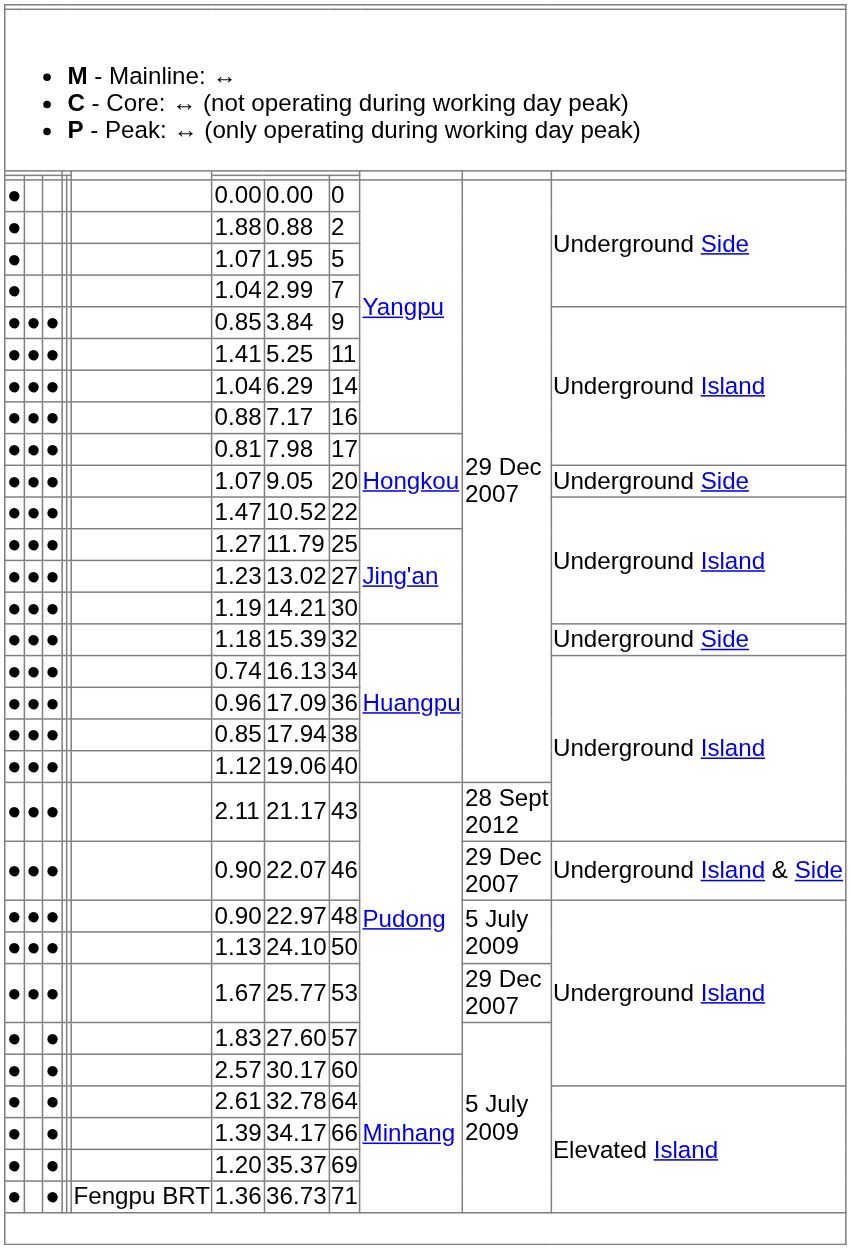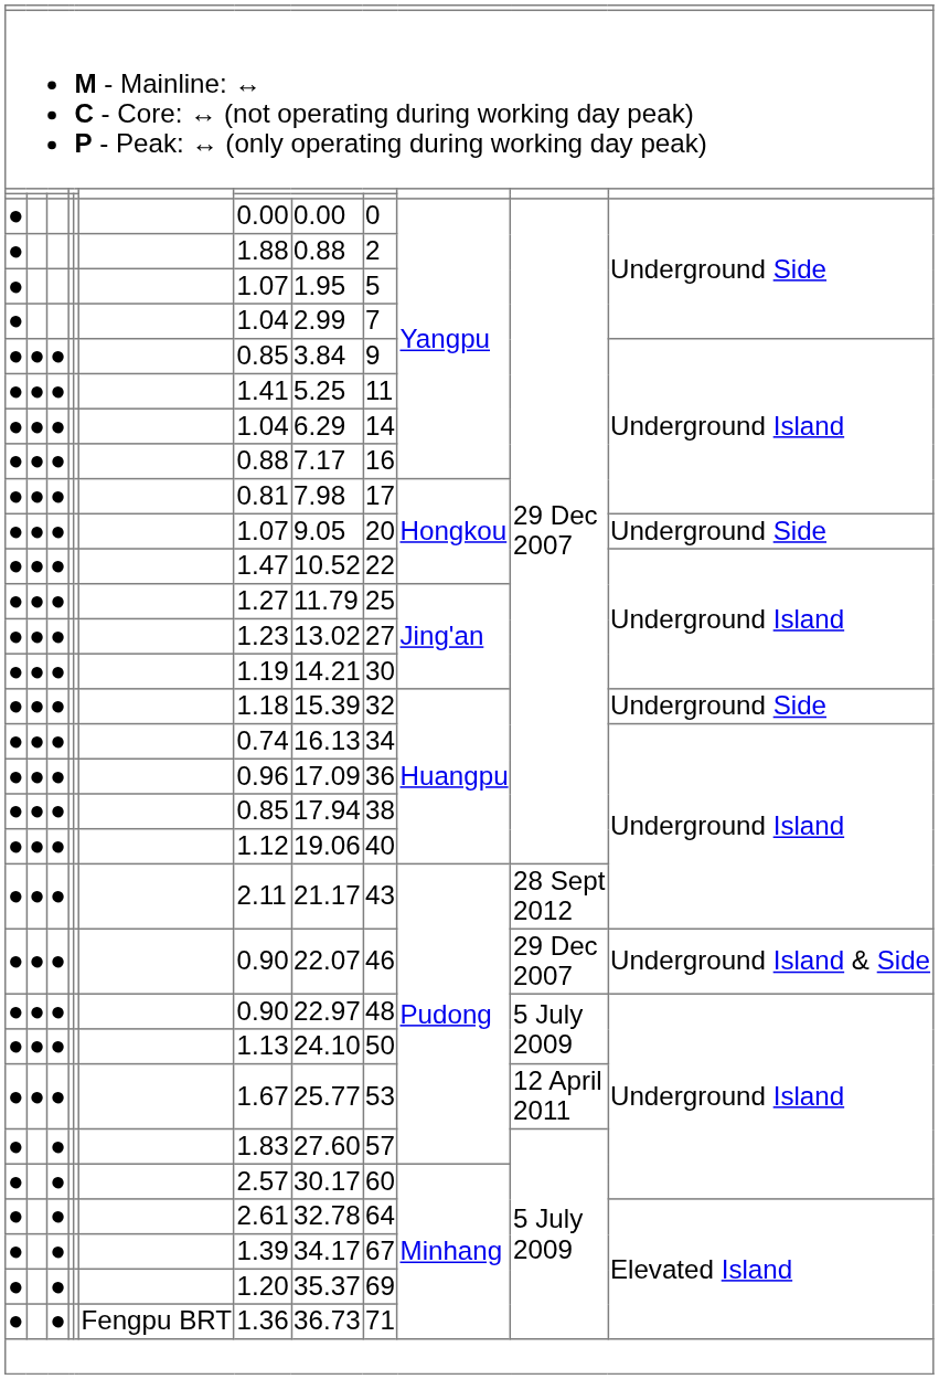 <table border=1 style="border-collapse: collapse;" class="mw-collapsible">
 <tr>
 <th colspan="12" style="text-align: center"></th>
 </tr>
 <tr>
 <td colspan="12" style="text-align: left"><br><ul><li><strong>M</strong> - Mainline:  ↔ </li><li><strong>C</strong> - Core:  ↔  (not operating during working day peak)</li><li><strong>P</strong> - Peak:  ↔  (only operating during working day peak)</li></ul></td>
 </tr>
 <tr>
 <th rowspan="1" colspan="3"></th>
 <th colspan="2"></th>
 <th rowspan="2"></th>
 <th colspan="3" rowspan="1"></th>
 <th rowspan="2"></th>
 <th rowspan="2"></th>
 <th rowspan="2"></th>
 </tr>
 <tr>
 <th rowspan="1"></th>
 <th rowspan="1"></th>
 <th rowspan="1"></th>
 <th></th>
 <th></th>
 <th colspan="2"></th>
 <th></th>
 </tr>
 <tr>
 <td align="center">●</td>
 <td align="center"></td>
 <td align="center"></td>
 <td></td>
 <td></td>
 <td></td>
 <td>0.00</td>
 <td>0.00</td>
 <td>0</td>
 <td rowspan=8><a href='#'>Yangpu</a></td>
 <td rowspan=19>29 Dec<br> 2007</td>
 <td rowspan=4>Underground <a href='#'>Side</a></td>
 </tr>
 <tr>
 <td align="center">●</td>
 <td align="center"></td>
 <td align="center"></td>
 <td></td>
 <td></td>
 <td></td>
 <td>1.88</td>
 <td>0.88</td>
 <td>2</td>
 </tr>
 <tr>
 <td align="center">●</td>
 <td align="center"></td>
 <td align="center"></td>
 <td></td>
 <td></td>
 <td></td>
 <td>1.07</td>
 <td>1.95</td>
 <td>5</td>
 </tr>
 <tr>
 <td align="center">●</td>
 <td align="center"></td>
 <td align="center"></td>
 <td></td>
 <td></td>
 <td></td>
 <td>1.04</td>
 <td>2.99</td>
 <td>7</td>
 </tr>
 <tr>
 <td align="center">●</td>
 <td align="center">●</td>
 <td align="center">●</td>
 <td></td>
 <td></td>
 <td></td>
 <td>0.85</td>
 <td>3.84</td>
 <td>9</td>
 <td rowspan=5>Underground <a href='#'>Island</a></td>
 </tr>
 <tr>
 <td align="center">●</td>
 <td align="center">●</td>
 <td align="center">●</td>
 <td></td>
 <td></td>
 <td></td>
 <td>1.41</td>
 <td>5.25</td>
 <td>11</td>
 </tr>
 <tr>
 <td align="center">●</td>
 <td align="center">●</td>
 <td align="center">●</td>
 <td></td>
 <td></td>
 <td></td>
 <td>1.04</td>
 <td>6.29</td>
 <td>14</td>
 </tr>
 <tr>
 <td align="center">●</td>
 <td align="center">●</td>
 <td align="center">●</td>
 <td></td>
 <td></td>
 <td></td>
 <td>0.88</td>
 <td>7.17</td>
 <td>16</td>
 </tr>
 <tr>
 <td align="center">●</td>
 <td align="center">●</td>
 <td align="center">●</td>
 <td></td>
 <td></td>
 <td></td>
 <td>0.81</td>
 <td>7.98</td>
 <td>17</td>
 <td rowspan=3><a href='#'>Hongkou</a></td>
 </tr>
 <tr>
 <td align="center">●</td>
 <td align="center">●</td>
 <td align="center">●</td>
 <td></td>
 <td></td>
 <td></td>
 <td>1.07</td>
 <td>9.05</td>
 <td>20</td>
 <td>Underground <a href='#'>Side</a></td>
 </tr>
 <tr>
 <td align="center">●</td>
 <td align="center">●</td>
 <td align="center">●</td>
 <td></td>
 <td></td>
 <td></td>
 <td>1.47</td>
 <td>10.52</td>
 <td>22</td>
 <td rowspan=4>Underground <a href='#'>Island</a></td>
 </tr>
 <tr>
 <td align="center">●</td>
 <td align="center">●</td>
 <td align="center">●</td>
 <td></td>
 <td></td>
 <td></td>
 <td>1.27</td>
 <td>11.79</td>
 <td>25</td>
 <td rowspan=3><a href='#'>Jing'an</a></td>
 </tr>
 <tr>
 <td align="center">●</td>
 <td align="center">●</td>
 <td align="center">●</td>
 <td></td>
 <td></td>
 <td></td>
 <td>1.23</td>
 <td>13.02</td>
 <td>27</td>
 </tr>
 <tr>
 <td align="center">●</td>
 <td align="center">●</td>
 <td align="center">●</td>
 <td></td>
 <td></td>
 <td></td>
 <td>1.19</td>
 <td>14.21</td>
 <td>30</td>
 </tr>
 <tr>
 <td align="center">●</td>
 <td align="center">●</td>
 <td align="center">●</td>
 <td></td>
 <td></td>
 <td> </td>
 <td>1.18</td>
 <td>15.39</td>
 <td>32</td>
 <td rowspan=5><a href='#'>Huangpu</a></td>
 <td>Underground <a href='#'>Side</a></td>
 </tr>
 <tr>
 <td align="center">●</td>
 <td align="center">●</td>
 <td align="center">●</td>
 <td></td>
 <td></td>
 <td></td>
 <td>0.74</td>
 <td>16.13</td>
 <td>34</td>
 <td rowspan=5>Underground <a href='#'>Island</a></td>
 </tr>
 <tr>
 <td align="center">●</td>
 <td align="center">●</td>
 <td align="center">●</td>
 <td></td>
 <td></td>
 <td></td>
 <td>0.96</td>
 <td>17.09</td>
 <td>36</td>
 </tr>
 <tr>
 <td align="center">●</td>
 <td align="center">●</td>
 <td align="center">●</td>
 <td></td>
 <td></td>
 <td></td>
 <td>0.85</td>
 <td>17.94</td>
 <td>38</td>
 </tr>
 <tr>
 <td align="center">●</td>
 <td align="center">●</td>
 <td align="center">●</td>
 <td></td>
 <td></td>
 <td></td>
 <td>1.12</td>
 <td>19.06</td>
 <td>40</td>
 </tr>
 <tr>
 <td align="center">●</td>
 <td align="center">●</td>
 <td align="center">●</td>
 <td></td>
 <td></td>
 <td></td>
 <td>2.11</td>
 <td>21.17</td>
 <td>43</td>
 <td rowspan=6><a href='#'>Pudong</a></td>
 <td>28 Sept<br> 2012</td>
 </tr>
 <tr>
 <td align="center">●</td>
 <td align="center">●</td>
 <td align="center">●</td>
 <td></td>
 <td></td>
 <td></td>
 <td>0.90</td>
 <td>22.07</td>
 <td>46</td>
 <td>29 Dec<br> 2007</td>
 <td>Underground <a href='#'>Island</a> & <a href='#'>Side</a></td>
 </tr>
 <tr>
 <td align="center">●</td>
 <td align="center">●</td>
 <td align="center">●</td>
 <td></td>
 <td></td>
 <td></td>
 <td>0.90</td>
 <td>22.97</td>
 <td>48</td>
 <td rowspan=2>5 July<br> 2009</td>
 <td rowspan=5>Underground <a href='#'>Island</a></td>
 </tr>
 <tr>
 <td align="center">●</td>
 <td align="center">●</td>
 <td align="center">●</td>
 <td></td>
 <td></td>
 <td></td>
 <td>1.13</td>
 <td>24.10</td>
 <td>50</td>
 </tr>
 <tr>
 <td align="center">●</td>
 <td align="center">●</td>
 <td align="center">●</td>
 <td></td>
 <td></td>
 <td> </td>
 <td>1.67</td>
 <td>25.77</td>
 <td>53</td>
-<td>29 Dec<br> 2007</td>
+<td>12 April<br> 2011</td>
 </tr>
 <tr>
 <td align="center">●</td>
 <td align="center"></td>
 <td align="center">●</td>
 <td></td>
 <td></td>
 <td></td>
 <td>1.83</td>
 <td>27.60</td>
 <td>57</td>
 <td rowspan=6>5 July<br> 2009</td>
 </tr>
 <tr>
 <td align="center">●</td>
 <td align="center"></td>
 <td align="center">●</td>
 <td></td>
 <td></td>
 <td></td>
 <td>2.57</td>
 <td>30.17</td>
 <td>60</td>
 <td rowspan="5"><a href='#'>Minhang</a></td>
 </tr>
 <tr>
 <td align="center">●</td>
 <td align="center"></td>
 <td align="center">●</td>
 <td></td>
 <td></td>
 <td></td>
 <td>2.61</td>
 <td>32.78</td>
 <td>64</td>
 <td rowspan=4>Elevated <a href='#'>Island</a></td>
 </tr>
 <tr>
 <td align="center">●</td>
 <td align="center"></td>
 <td align="center">●</td>
 <td></td>
 <td></td>
 <td></td>
 <td>1.39</td>
 <td>34.17</td>
-<td>66</td>
+<td>67</td>
 </tr>
 <tr>
 <td align="center">●</td>
 <td align="center"></td>
 <td align="center">●</td>
 <td></td>
 <td></td>
 <td></td>
 <td>1.20</td>
 <td>35.37</td>
 <td>69</td>
 </tr>
 <tr>
 <td align="center">●</td>
 <td align="center"></td>
 <td align="center">●</td>
 <td></td>
 <td></td>
 <td> Fengpu BRT</td>
 <td>1.36</td>
 <td>36.73</td>
 <td>71</td>
 </tr>
 <tr style="background:#">
 <td colspan = "12"><br></td>
 </tr>
 </table>
